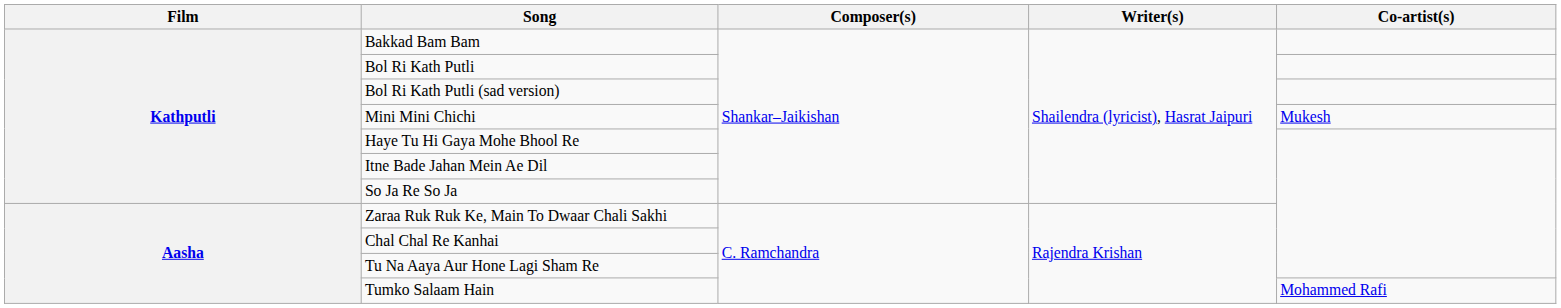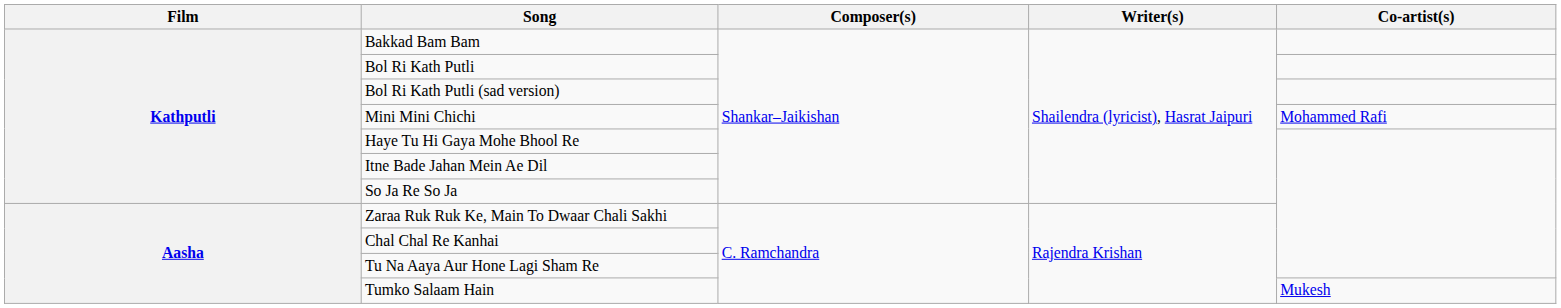 <table class="wikitable plainrowheaders" style="width:100%; textcolor:#000">
 <tr style="background:#b0e0e66;">
 <th scope="col" style="width:23%;"><strong>Film</strong></th>
 <th scope="col" style="width:23%;"><strong>Song</strong></th>
 <th scope="col" style="width:20%;"><strong>Composer(s)</strong></th>
 <th scope="col" style="width:16%;"><strong>Writer(s)</strong></th>
 <th scope="col" style="width:18%;"><strong>Co-artist(s)</strong></th>
 </tr>
 <tr>
 <th rowspan="7"><a href='#'>Kathputli</a></th>
 <td>Bakkad Bam Bam</td>
 <td rowspan="7"><a href='#'>Shankar–Jaikishan</a></td>
 <td rowspan="7"><a href='#'>Shailendra (lyricist)</a>, <a href='#'>Hasrat Jaipuri</a></td>
 <td></td>
 </tr>
 <tr>
 <td>Bol Ri Kath Putli</td>
 <td></td>
 </tr>
 <tr>
 <td>Bol Ri Kath Putli (sad version)</td>
 <td></td>
 </tr>
 <tr>
 <td>Mini Mini Chichi</td>
-<td><a href='#'>Mukesh</a></td>
+<td><a href='#'>Mohammed Rafi</a></td>
 </tr>
 <tr>
 <td>Haye Tu Hi Gaya Mohe Bhool Re</td>
 <td rowspan="6"></td>
 </tr>
 <tr>
 <td>Itne Bade Jahan Mein Ae Dil</td>
 </tr>
 <tr>
 <td>So Ja Re So Ja</td>
 </tr>
 <tr>
 <th rowspan="4"><a href='#'>Aasha</a></th>
 <td>Zaraa Ruk Ruk Ke, Main To Dwaar Chali Sakhi</td>
 <td rowspan="4"><a href='#'>C. Ramchandra</a></td>
 <td rowspan="4"><a href='#'>Rajendra Krishan</a></td>
 </tr>
 <tr>
 <td>Chal Chal Re Kanhai</td>
 </tr>
 <tr>
 <td>Tu Na Aaya Aur Hone Lagi Sham Re</td>
 </tr>
 <tr>
 <td>Tumko Salaam Hain</td>
-<td><a href='#'>Mohammed Rafi</a></td>
+<td><a href='#'>Mukesh</a></td>
 </tr>
 </table>
